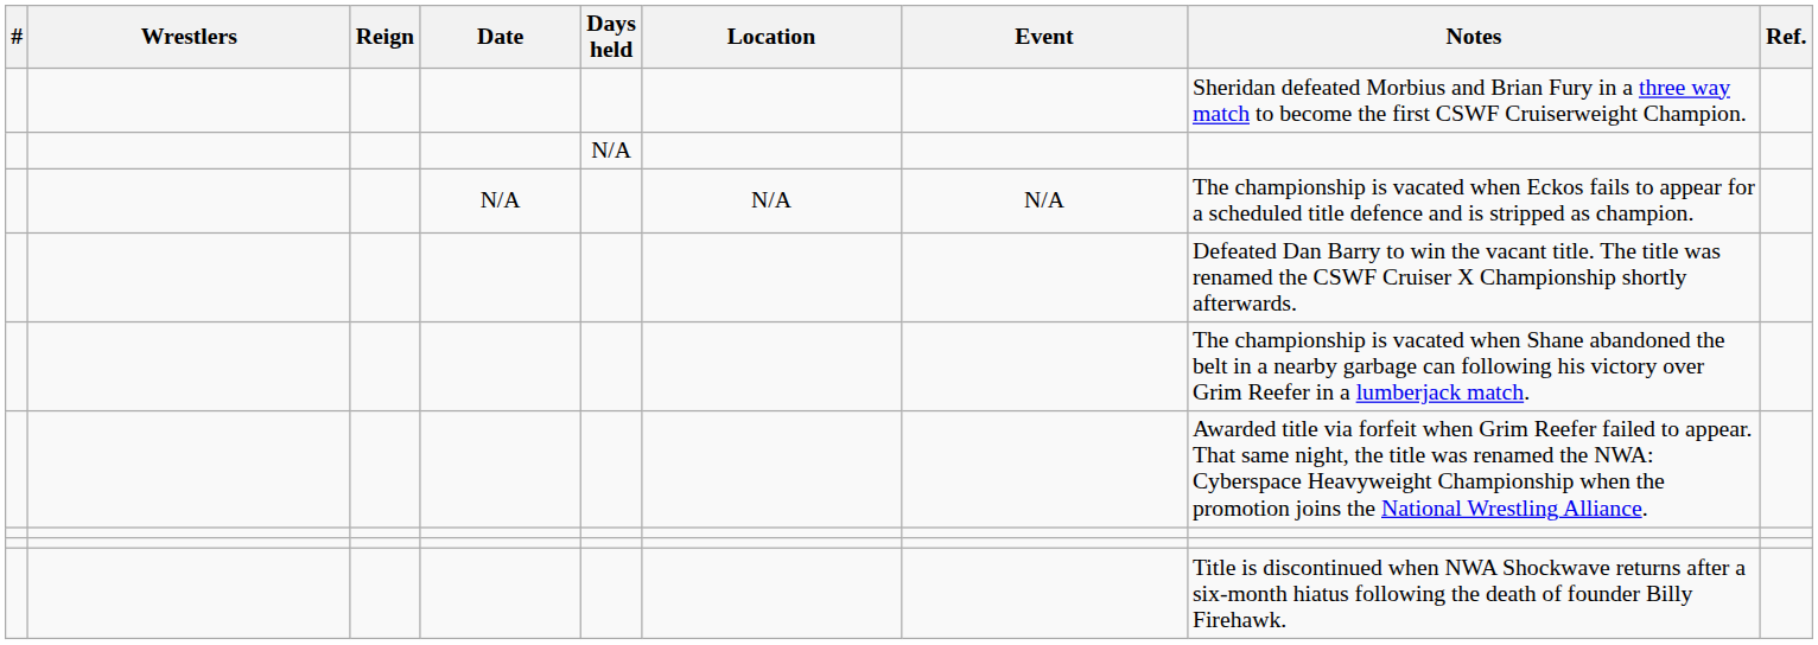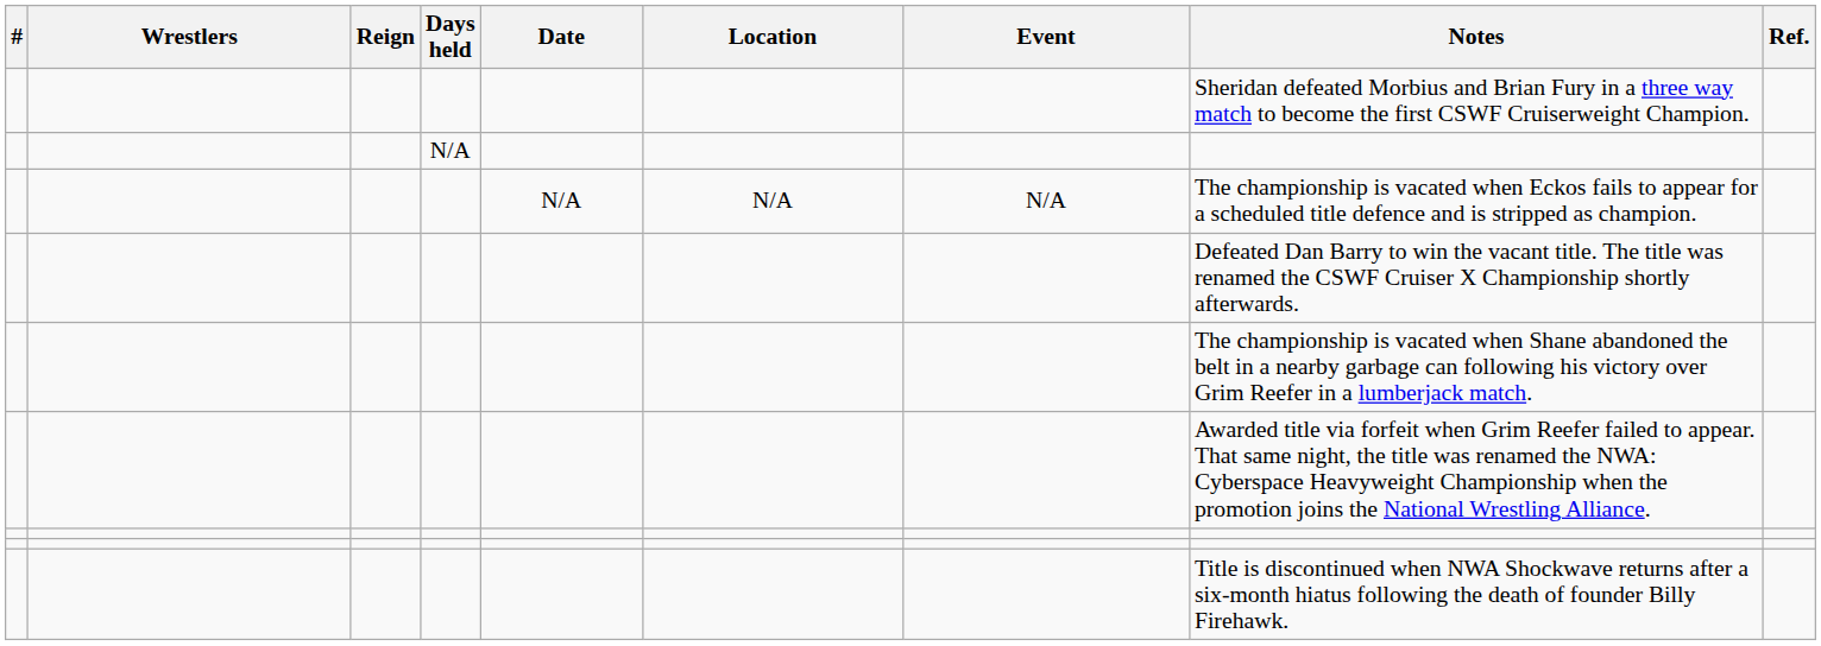 <table class="wikitable sortable" width=98% style="text-align:center;">
 <tr>
 <th width=0%>#</th>
 <th width=20%>Wrestlers</th>
 <th width=0%>Reign</th>
+<th width=0%>Days<br>held</th>
 <th width=10%>Date</th>
-<th width=0%>Days<br>held</th>
 <th width=16%>Location</th>
 <th width=18%>Event</th>
 <th width=60% class="unsortable">Notes</th>
 <th width=0% class="unsortable">Ref.</th>
 </tr>
 <tr>
 <td></td>
 <td></td>
 <td></td>
 <td></td>
 <td></td>
 <td></td>
 <td></td>
 <td align="left">Sheridan defeated Morbius and Brian Fury in a <a href='#'>three way match</a> to become the first CSWF Cruiserweight Champion.</td>
 <td align="left"></td>
 </tr>
 <tr>
 <td></td>
 <td></td>
 <td></td>
+<td>N/A</td>
 <td></td>
-<td>N/A</td>
 <td></td>
 <td></td>
 <td align="left"></td>
 <td align="left"></td>
 </tr>
 <tr>
 <td></td>
 <td></td>
 <td></td>
+<td></td>
 <td>N/A</td>
-<td></td>
 <td>N/A</td>
 <td>N/A</td>
 <td align="left">The championship is vacated when Eckos fails to appear for a scheduled title defence and is stripped as champion.</td>
 <td align="left"></td>
 </tr>
 <tr>
 <td></td>
 <td></td>
 <td></td>
 <td></td>
 <td></td>
 <td></td>
 <td></td>
 <td align="left">Defeated Dan Barry to win the vacant title. The title was renamed the CSWF Cruiser X Championship shortly afterwards.</td>
 <td align="left"></td>
 </tr>
 <tr>
 <td></td>
 <td></td>
 <td></td>
 <td></td>
 <td></td>
 <td></td>
 <td></td>
 <td align="left">The championship is vacated when Shane abandoned the belt in a nearby garbage can following his victory over Grim Reefer in a <a href='#'>lumberjack match</a>.</td>
 <td align="left"></td>
 </tr>
 <tr>
 <td></td>
 <td></td>
 <td></td>
 <td></td>
 <td></td>
 <td></td>
 <td></td>
 <td align="left">Awarded title via forfeit when Grim Reefer failed to appear. That same night, the title was renamed the NWA: Cyberspace Heavyweight Championship when the promotion joins the <a href='#'>National Wrestling Alliance</a>.</td>
 <td align="left"></td>
 </tr>
 <tr>
 <td></td>
 <td></td>
 <td></td>
 <td></td>
 <td></td>
 <td></td>
 <td></td>
 <td align="left"></td>
 <td align="left"></td>
 </tr>
 <tr>
 <td></td>
 <td></td>
 <td></td>
 <td></td>
 <td></td>
 <td></td>
 <td></td>
 <td align="left"></td>
 <td align="left"></td>
 </tr>
 <tr>
 <td></td>
 <td></td>
 <td></td>
 <td></td>
 <td></td>
 <td></td>
 <td></td>
 <td align="left">Title is discontinued when NWA Shockwave returns after a six-month hiatus following the death of founder Billy Firehawk.</td>
 <td align="left"></td>
 </tr>
 </table>
